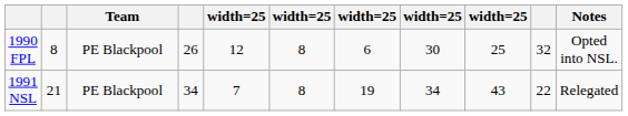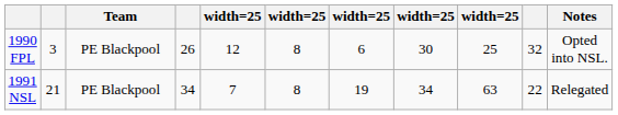 <table class="wikitable" style="text-align: center; font-size: 90%;">
 <tr>
 <th width=25></th>
 <th width=25></th>
 <th width=165>Team</th>
 <th width=25></th>
 <th>width=25</th>
 <th>width=25</th>
 <th>width=25</th>
 <th>width=25</th>
 <th>width=25</th>
 <th width=25></th>
 <th width=25>Notes</th>
 </tr>
 <tr>
 <td><a href='#'>1990 FPL</a></td>
-<td>8</td>
+<td>3</td>
 <td>PE Blackpool</td>
 <td>26</td>
 <td>12</td>
 <td>8</td>
 <td>6</td>
 <td>30</td>
 <td>25</td>
 <td>32</td>
 <td>Opted into NSL.</td>
 </tr>
 <tr>
 <td><a href='#'>1991 NSL</a></td>
 <td>21</td>
 <td>PE Blackpool</td>
 <td>34</td>
 <td>7</td>
 <td>8</td>
 <td>19</td>
 <td>34</td>
-<td>43</td>
+<td>63</td>
 <td>22</td>
 <td>Relegated</td>
 </tr>
 </table>
